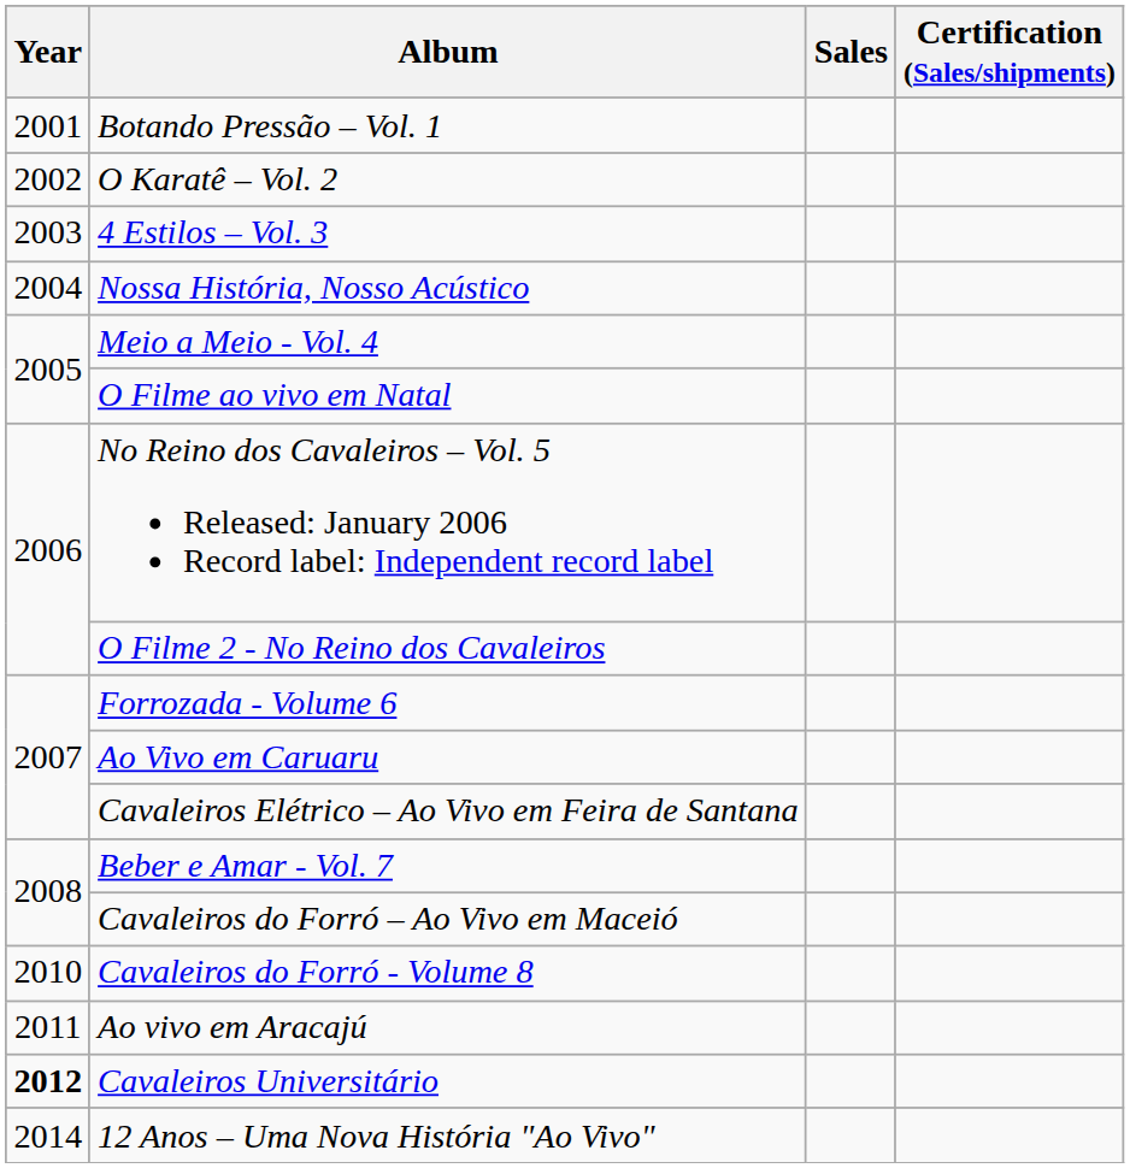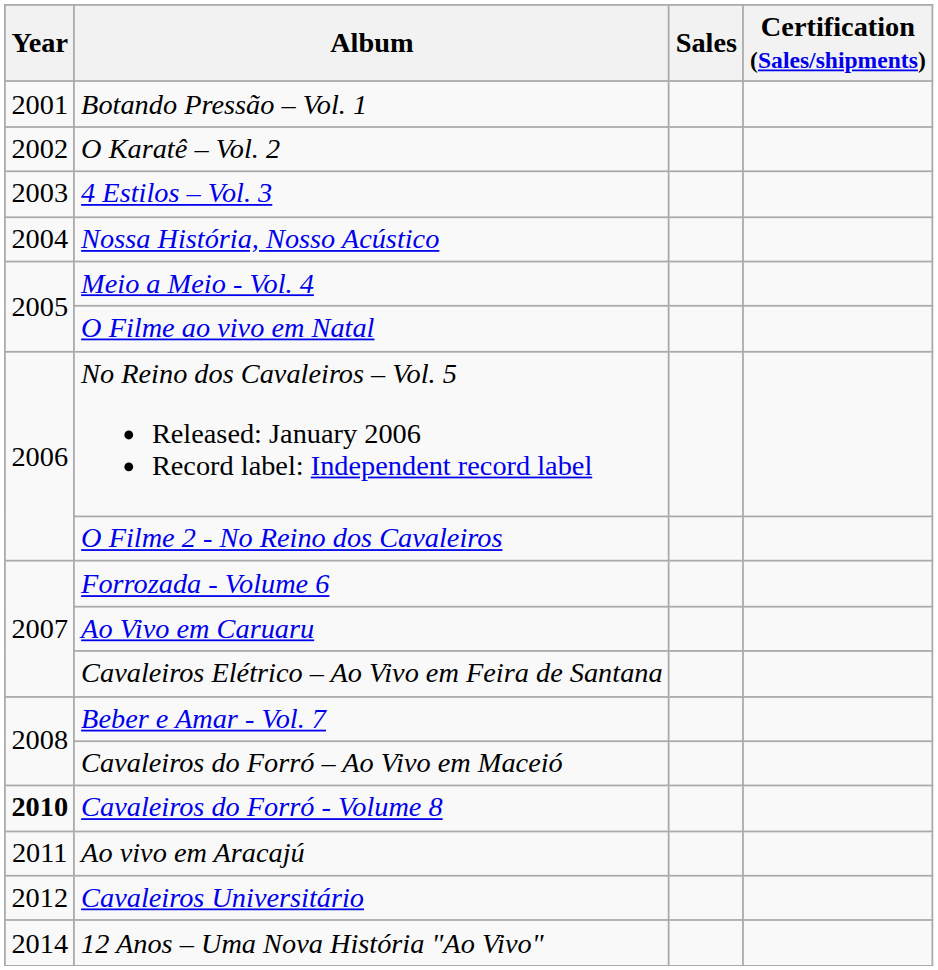 <table class="wikitable">
 <tr>
 <th rowspan="1">Year</th>
 <th rowspan="1">Album</th>
 <th rowspan="1">Sales</th>
 <th rowspan="1">Certification<br><small>(<a href='#'>Sales/shipments</a>)</small></th>
 </tr>
 <tr>
 <td rowspan="1" align="center">2001</td>
 <td><em>Botando Pressão – Vol. 1</em></td>
 <td></td>
 <td align="left"><br></td>
 </tr>
 <tr>
 <td rowspan="1" align="center">2002</td>
 <td><em>O Karatê – Vol. 2</em></td>
 <td></td>
 <td align="left"><br></td>
 </tr>
 <tr>
 <td rowspan="1" align="center">2003</td>
 <td><em><a href='#'>4 Estilos – Vol. 3</a></em></td>
 <td></td>
 <td align="left"><br></td>
 </tr>
 <tr>
 <td rowspan="1" align="center">2004</td>
 <td><em><a href='#'>Nossa História, Nosso Acústico</a></em></td>
 <td></td>
 <td align="left"><br></td>
 </tr>
 <tr>
 <td rowspan="2" align="center">2005</td>
 <td><em><a href='#'>Meio a Meio - Vol. 4</a></em></td>
 <td></td>
 <td align="left"><br></td>
 </tr>
 <tr>
 <td><em><a href='#'>O Filme ao vivo em Natal</a></em></td>
 <td></td>
 <td align="left"><br></td>
 </tr>
 <tr>
 <td rowspan="2" align="center">2006</td>
 <td><em>No Reino dos Cavaleiros – Vol. 5</em><br><ul><li>Released: January 2006</li><li>Record label: <a href='#'>Independent record label</a></li></ul></td>
 <td></td>
 <td align="left"><br></td>
 </tr>
 <tr>
 <td><em><a href='#'>O Filme 2 - No Reino dos Cavaleiros</a></em></td>
 <td></td>
 <td align="left"><br></td>
 </tr>
 <tr>
 <td rowspan="3" align="center">2007</td>
 <td><em><a href='#'>Forrozada - Volume 6</a></em></td>
 <td></td>
 <td align="left"><br></td>
 </tr>
 <tr>
 <td><em><a href='#'>Ao Vivo em Caruaru</a></em></td>
 <td></td>
 <td align="left"><br></td>
 </tr>
 <tr>
 <td><em>Cavaleiros Elétrico – Ao Vivo em Feira de Santana</em></td>
 <td></td>
 <td align="left"><br></td>
 </tr>
 <tr>
 <td rowspan="2" align="center">2008</td>
 <td><em><a href='#'>Beber e Amar - Vol. 7</a></em></td>
 <td></td>
 <td align="left"><br></td>
 </tr>
 <tr>
 <td><em>Cavaleiros do Forró – Ao Vivo em Maceió</em></td>
 <td></td>
 <td align="left"><br></td>
 </tr>
 <tr>
-<td rowspan="1" align="center">2010</td>
+<td rowspan="1" align="center"><strong>2010</strong></td>
 <td><em><a href='#'>Cavaleiros do Forró - Volume 8</a></em></td>
 <td></td>
 <td align="left"><br></td>
 </tr>
 <tr>
 <td rowspan="1" align="center">2011</td>
 <td><em>Ao vivo em Aracajú</em></td>
 <td></td>
 <td align="left"><br></td>
 </tr>
 <tr>
-<td rowspan="1" align="center"><strong>2012</strong></td>
+<td rowspan="1" align="center">2012</td>
 <td><em><a href='#'>Cavaleiros Universitário</a></em></td>
 <td></td>
 <td align="left"><br></td>
 </tr>
 <tr>
 <td rowspan="1" align="center">2014</td>
 <td><em>12 Anos – Uma Nova História "Ao Vivo"</em></td>
 <td></td>
 <td align="left"><br></td>
 </tr>
 <tr>
 </tr>
 </table>
